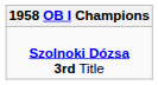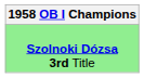 <table class="wikitable" style="text-align: center; margin: 0 auto;">
 <tr>
 <th>1958 <a href='#'>OB I</a> Champions</th>
 </tr>
 <tr>
-<td><br><strong><a href='#'>Szolnoki Dózsa</a></strong><br><strong>3rd</strong> Title</td>
+<td style="background: lightgreen;"><br><strong><a href='#'>Szolnoki Dózsa</a></strong><br><strong>3rd</strong> Title</td>
 </tr>
 </table>
